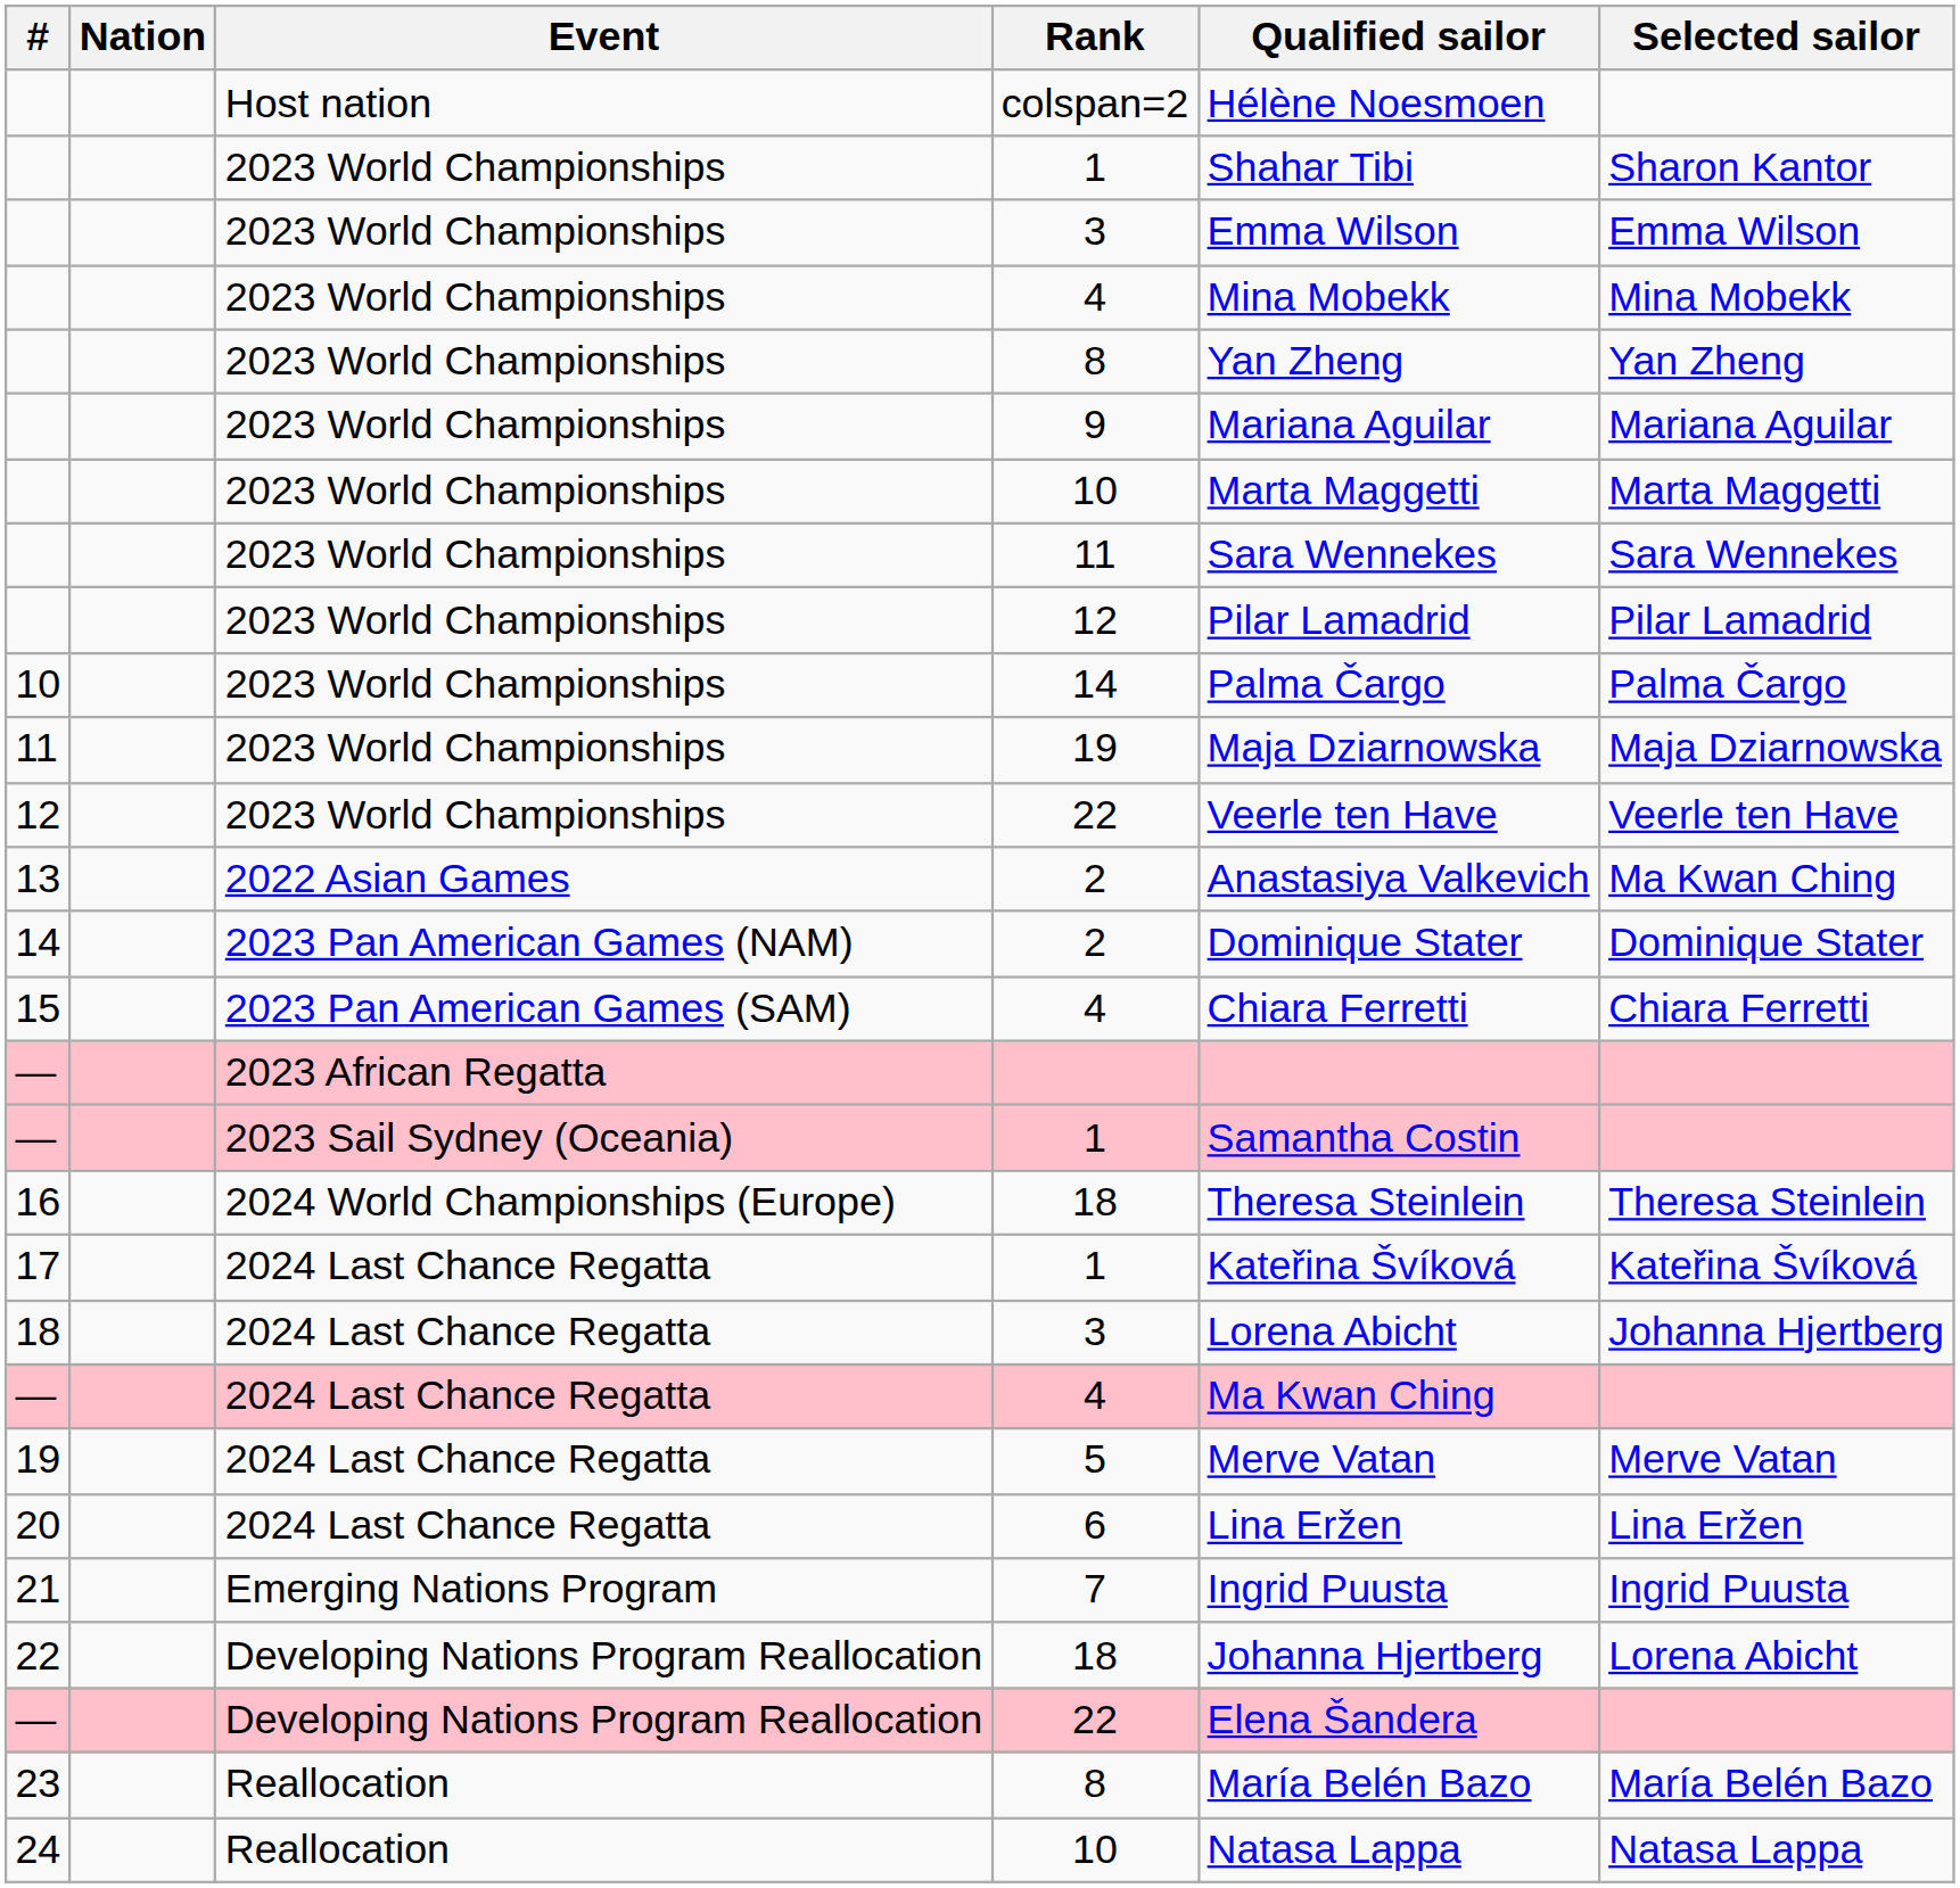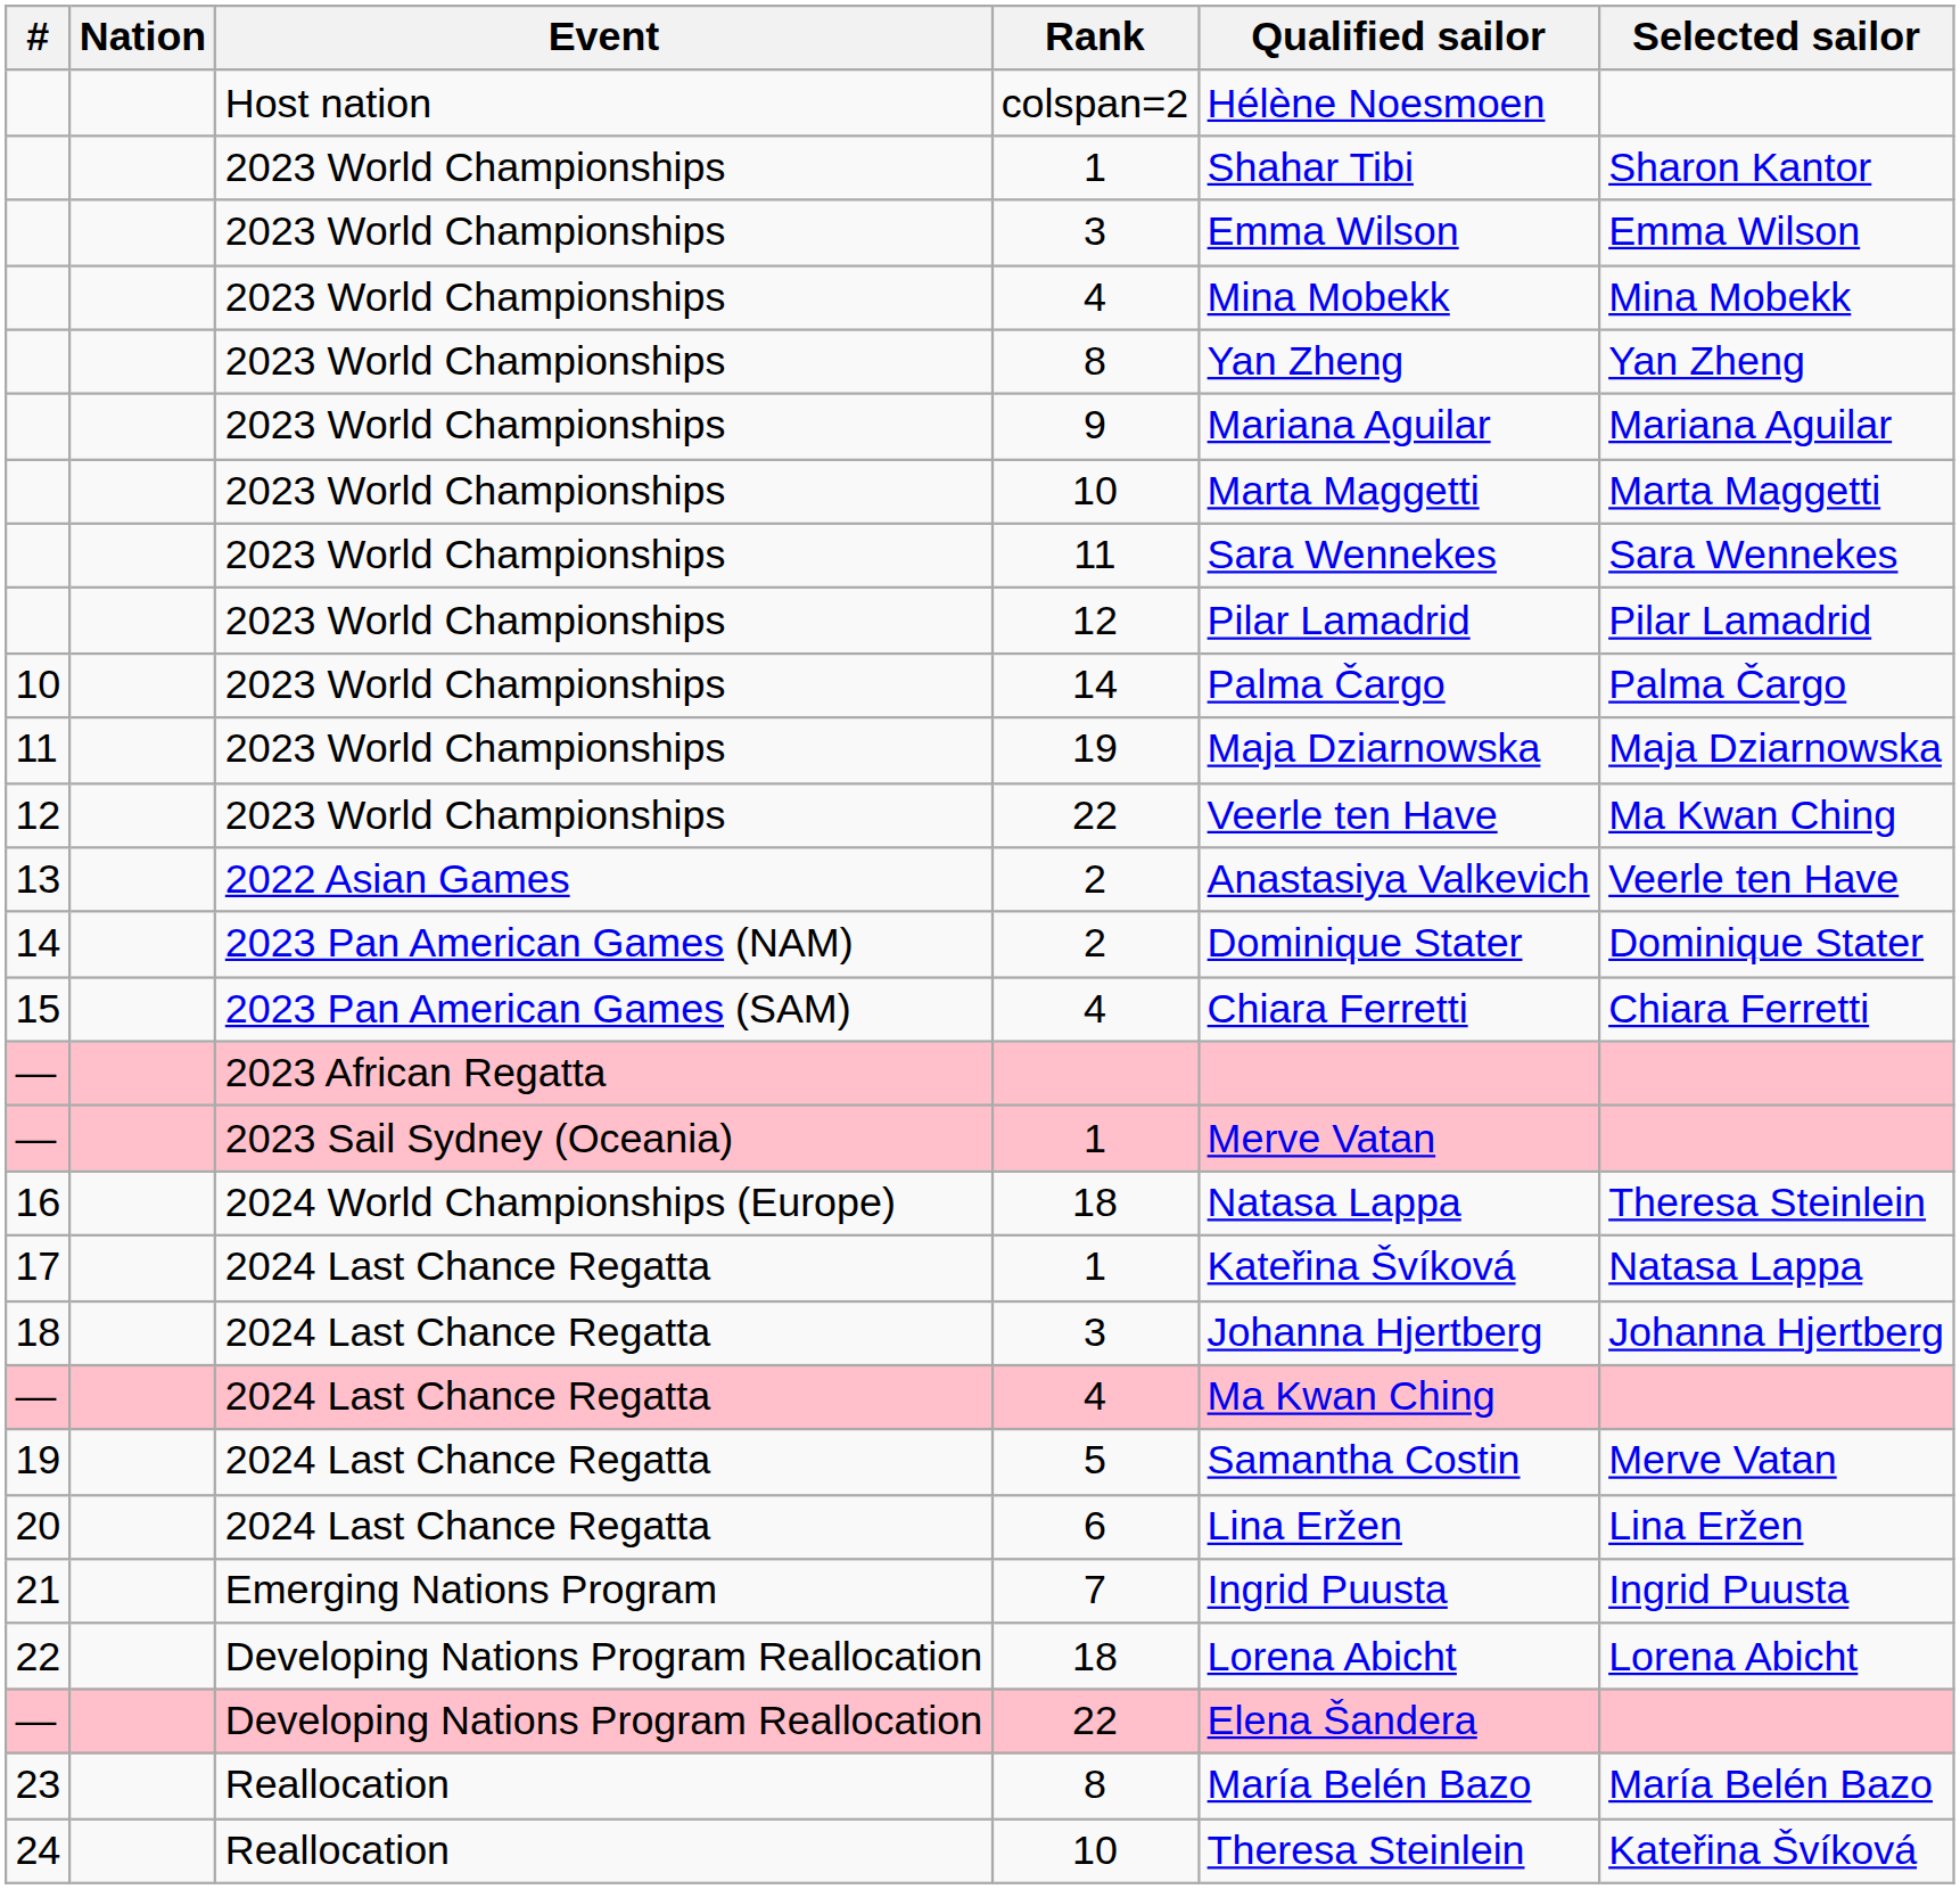 <table class="sortable wikitable">
 <tr>
 <th>#</th>
 <th>Nation</th>
 <th>Event</th>
 <th>Rank</th>
 <th>Qualified sailor</th>
 <th>Selected sailor</th>
 </tr>
 <tr>
 <td></td>
 <td></td>
 <td>Host nation</td>
 <td>colspan=2 </td>
 <td><a href='#'>Hélène Noesmoen</a></td>
 </tr>
 <tr>
 <td></td>
 <td></td>
 <td>2023 World Championships</td>
 <td align=center>1</td>
 <td><a href='#'>Shahar Tibi</a></td>
 <td><a href='#'>Sharon Kantor</a></td>
 </tr>
 <tr>
 <td></td>
 <td></td>
 <td>2023 World Championships</td>
 <td align=center>3</td>
 <td><a href='#'>Emma Wilson</a></td>
 <td><a href='#'>Emma Wilson</a></td>
 </tr>
 <tr>
 <td></td>
 <td></td>
 <td>2023 World Championships</td>
 <td align=center>4</td>
 <td><a href='#'>Mina Mobekk</a></td>
 <td><a href='#'>Mina Mobekk</a></td>
 </tr>
 <tr>
 <td></td>
 <td></td>
 <td>2023 World Championships</td>
 <td align=center>8</td>
 <td><a href='#'>Yan Zheng</a></td>
 <td><a href='#'>Yan Zheng</a></td>
 </tr>
 <tr>
 <td></td>
 <td></td>
 <td>2023 World Championships</td>
 <td align=center>9</td>
 <td><a href='#'>Mariana Aguilar</a></td>
 <td><a href='#'>Mariana Aguilar</a></td>
 </tr>
 <tr>
 <td></td>
 <td></td>
 <td>2023 World Championships</td>
 <td align=center>10</td>
 <td><a href='#'>Marta Maggetti</a></td>
 <td><a href='#'>Marta Maggetti</a></td>
 </tr>
 <tr>
 <td></td>
 <td></td>
 <td>2023 World Championships</td>
 <td align=center>11</td>
 <td><a href='#'>Sara Wennekes</a></td>
 <td><a href='#'>Sara Wennekes</a></td>
 </tr>
 <tr>
 <td></td>
 <td></td>
 <td>2023 World Championships</td>
 <td align=center>12</td>
 <td><a href='#'>Pilar Lamadrid</a></td>
 <td><a href='#'>Pilar Lamadrid</a></td>
 </tr>
 <tr>
 <td>10</td>
 <td></td>
 <td>2023 World Championships</td>
 <td align=center>14</td>
 <td><a href='#'>Palma Čargo</a></td>
 <td><a href='#'>Palma Čargo</a></td>
 </tr>
 <tr>
 <td>11</td>
 <td></td>
 <td>2023 World Championships</td>
 <td align=center>19</td>
 <td><a href='#'>Maja Dziarnowska</a></td>
 <td><a href='#'>Maja Dziarnowska</a></td>
 </tr>
 <tr>
 <td>12</td>
 <td></td>
 <td>2023 World Championships</td>
 <td align=center>22</td>
 <td><a href='#'>Veerle ten Have</a></td>
-<td><a href='#'>Veerle ten Have</a></td>
+<td><a href='#'>Ma Kwan Ching</a></td>
 </tr>
 <tr>
 <td>13</td>
 <td></td>
 <td><a href='#'>2022 Asian Games</a></td>
 <td align=center>2</td>
 <td><a href='#'>Anastasiya Valkevich</a></td>
-<td><a href='#'>Ma Kwan Ching</a></td>
+<td><a href='#'>Veerle ten Have</a></td>
 </tr>
 <tr>
 <td>14</td>
 <td></td>
 <td><a href='#'>2023 Pan American Games</a> (NAM)</td>
 <td align=center>2</td>
 <td><a href='#'>Dominique Stater</a></td>
 <td><a href='#'>Dominique Stater</a></td>
 </tr>
 <tr>
 <td>15</td>
 <td></td>
 <td><a href='#'>2023 Pan American Games</a> (SAM)</td>
 <td align=center>4</td>
 <td><a href='#'>Chiara Ferretti</a></td>
 <td><a href='#'>Chiara Ferretti</a></td>
 </tr>
 <tr style="background:pink;">
 <td>—</td>
 <td></td>
 <td>2023 African Regatta</td>
 <td></td>
 <td></td>
 <td></td>
 </tr>
 <tr style="background:pink;">
 <td>—</td>
 <td></td>
 <td>2023 Sail Sydney (Oceania)</td>
 <td align=center>1</td>
-<td><a href='#'>Samantha Costin</a></td>
+<td><a href='#'>Merve Vatan</a></td>
 <td></td>
 </tr>
 <tr>
 <td>16</td>
 <td></td>
 <td>2024 World Championships (Europe)</td>
 <td align=center>18</td>
-<td><a href='#'>Theresa Steinlein</a></td>
+<td><a href='#'>Natasa Lappa</a></td>
 <td><a href='#'>Theresa Steinlein</a></td>
 </tr>
 <tr>
 <td>17</td>
 <td></td>
 <td>2024 Last Chance Regatta</td>
 <td align=center>1</td>
 <td><a href='#'>Kateřina Švíková</a></td>
-<td><a href='#'>Kateřina Švíková</a></td>
+<td><a href='#'>Natasa Lappa</a></td>
 </tr>
 <tr>
 <td>18</td>
 <td></td>
 <td>2024 Last Chance Regatta</td>
 <td align=center>3</td>
-<td><a href='#'>Lorena Abicht</a></td>
+<td><a href='#'>Johanna Hjertberg</a></td>
 <td><a href='#'>Johanna Hjertberg</a></td>
 </tr>
 <tr style="background:pink;">
 <td>—</td>
 <td></td>
 <td>2024 Last Chance Regatta</td>
 <td align=center>4</td>
 <td><a href='#'>Ma Kwan Ching</a></td>
 <td></td>
 </tr>
 <tr>
 <td>19</td>
 <td></td>
 <td>2024 Last Chance Regatta</td>
 <td align=center>5</td>
-<td><a href='#'>Merve Vatan</a></td>
+<td><a href='#'>Samantha Costin</a></td>
 <td><a href='#'>Merve Vatan</a></td>
 </tr>
 <tr>
 <td>20</td>
 <td></td>
 <td>2024 Last Chance Regatta</td>
 <td align=center>6</td>
 <td><a href='#'>Lina Eržen</a></td>
 <td><a href='#'>Lina Eržen</a></td>
 </tr>
 <tr>
 <td>21</td>
 <td></td>
 <td>Emerging Nations Program</td>
 <td align=center>7</td>
 <td><a href='#'>Ingrid Puusta</a></td>
 <td><a href='#'>Ingrid Puusta</a></td>
 </tr>
 <tr>
 <td>22</td>
 <td></td>
 <td>Developing Nations Program Reallocation</td>
 <td align=center>18</td>
-<td><a href='#'>Johanna Hjertberg</a></td>
+<td><a href='#'>Lorena Abicht</a></td>
 <td><a href='#'>Lorena Abicht</a></td>
 </tr>
 <tr style="background:pink;">
 <td>—</td>
 <td></td>
 <td>Developing Nations Program Reallocation</td>
 <td align=center>22</td>
 <td><a href='#'>Elena Šandera</a></td>
 <td></td>
 </tr>
 <tr>
 <td>23</td>
 <td></td>
 <td>Reallocation</td>
 <td align=center>8</td>
 <td><a href='#'>María Belén Bazo</a></td>
 <td><a href='#'>María Belén Bazo</a></td>
 </tr>
 <tr>
 <td>24</td>
 <td></td>
 <td>Reallocation</td>
 <td align=center>10</td>
-<td><a href='#'>Natasa Lappa</a></td>
-<td><a href='#'>Natasa Lappa</a></td>
+<td><a href='#'>Theresa Steinlein</a></td>
+<td><a href='#'>Kateřina Švíková</a></td>
 </tr>
 </table>
